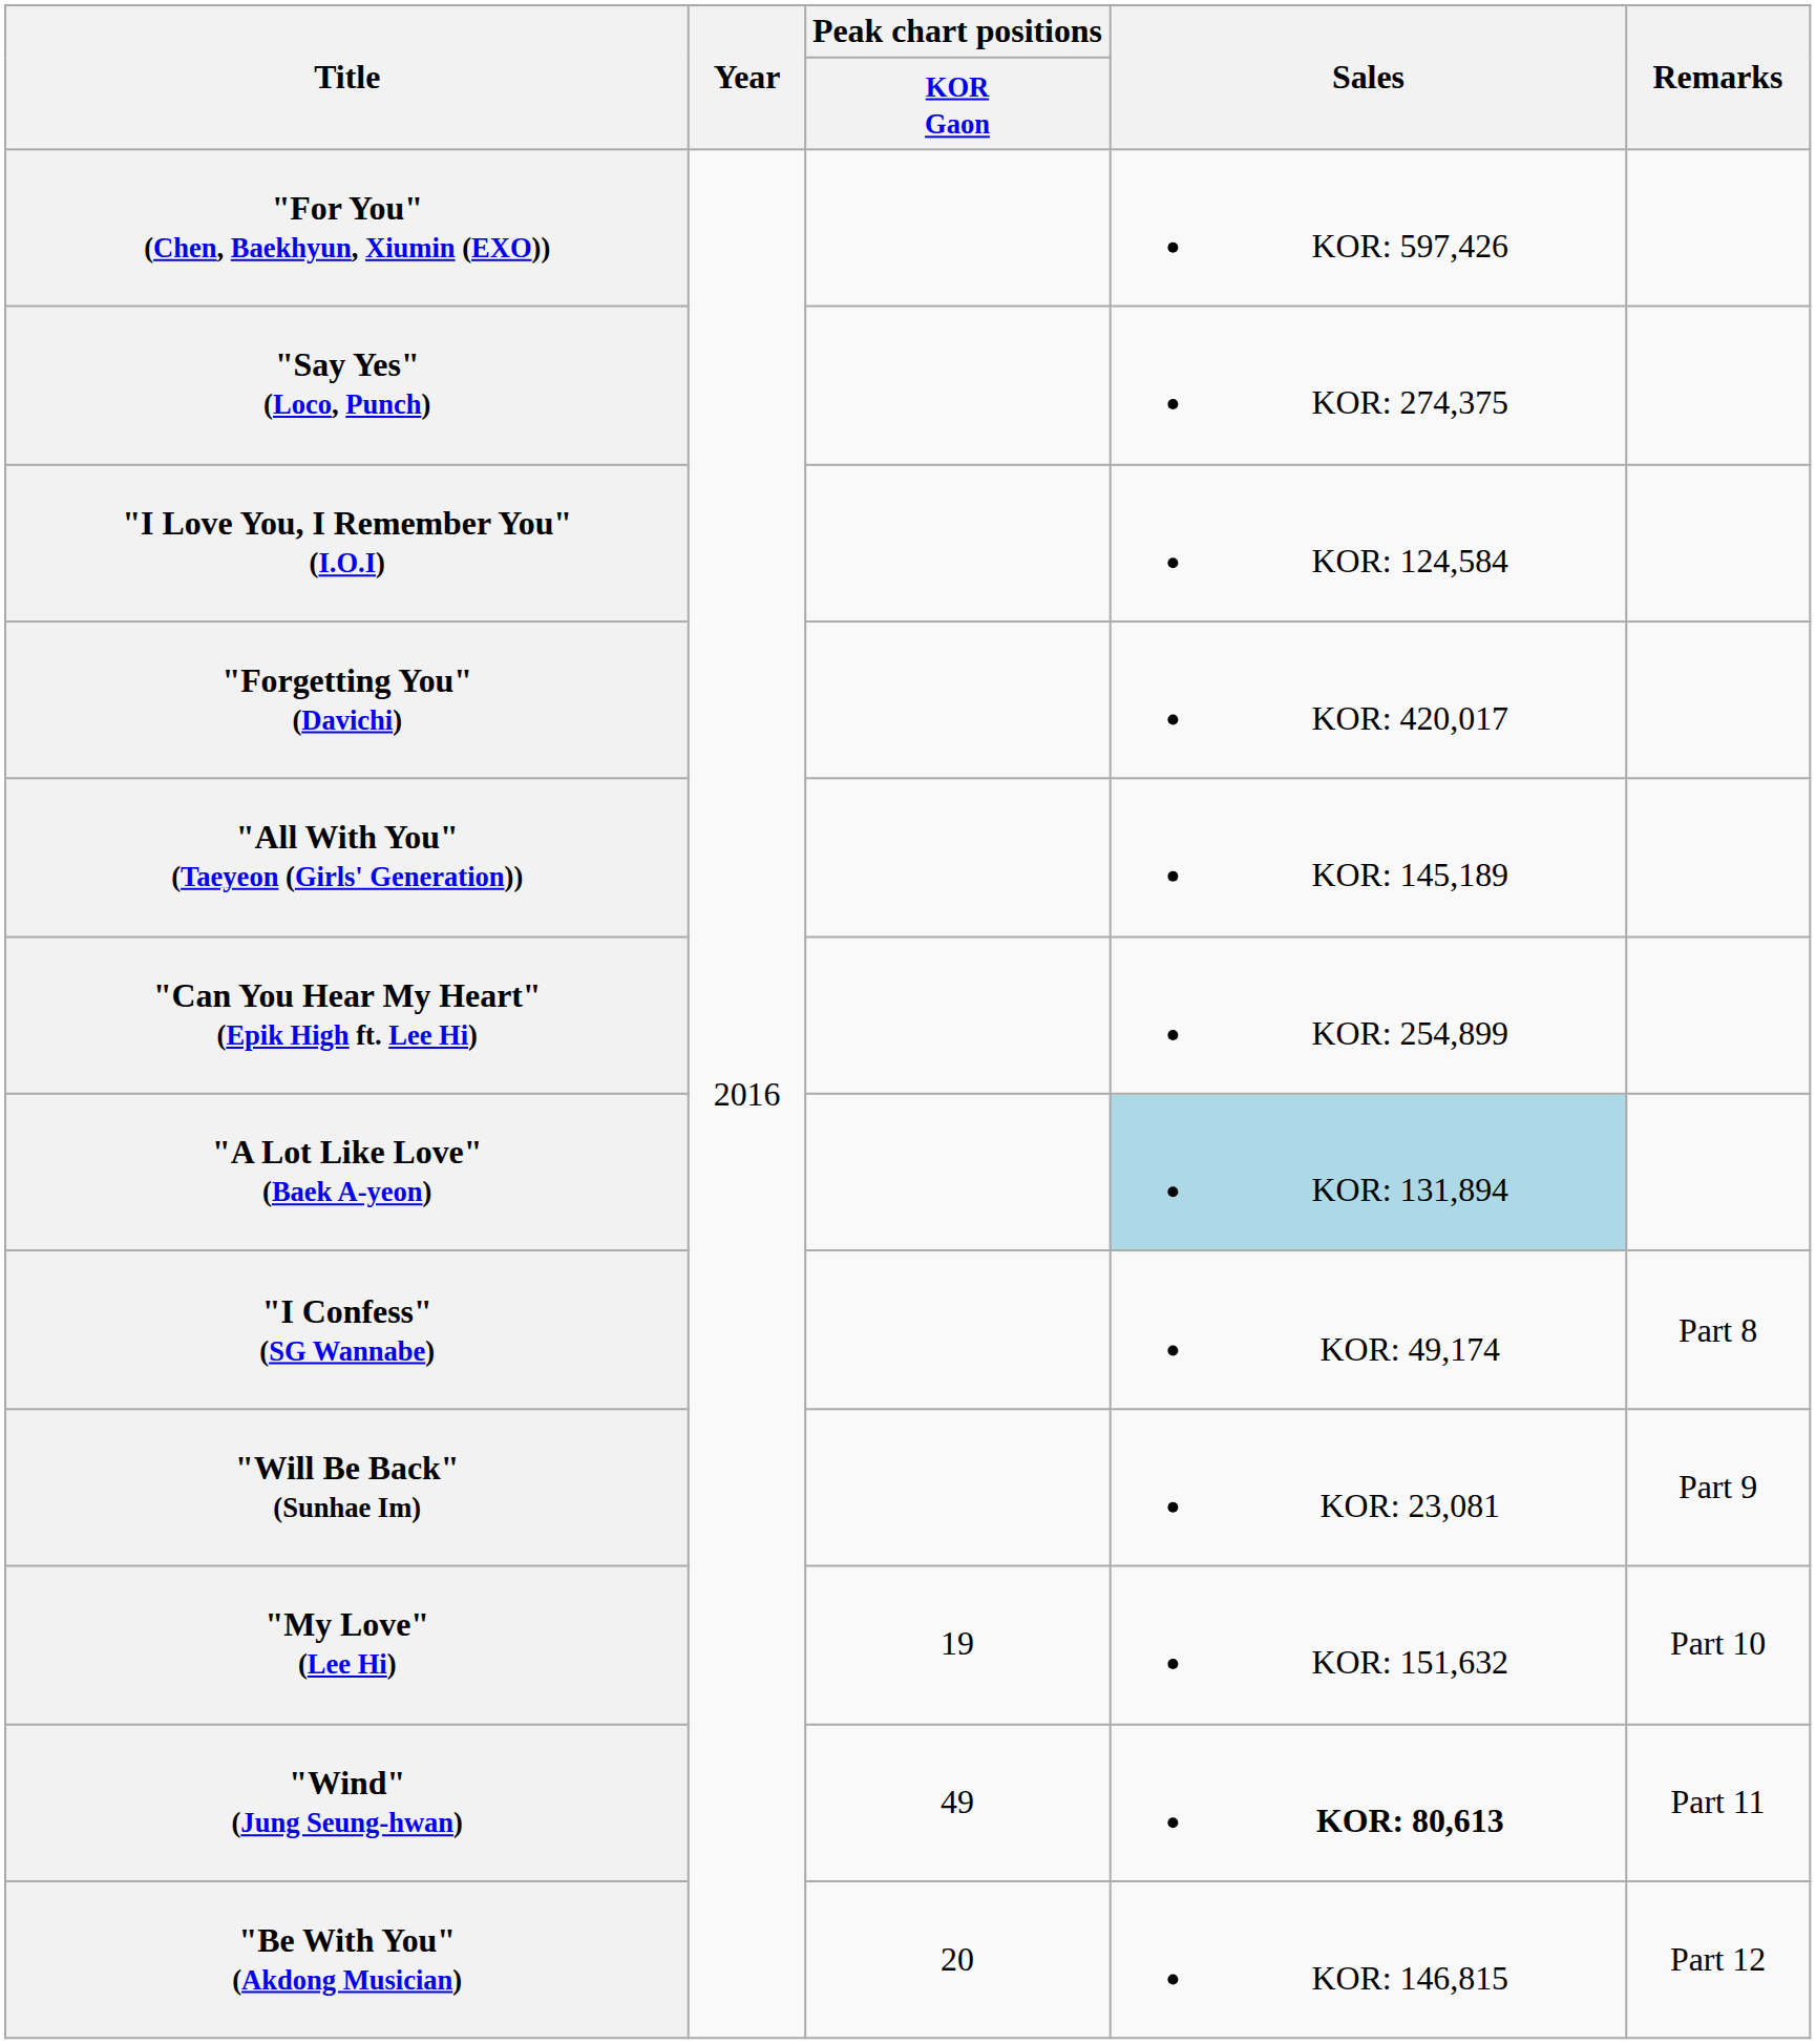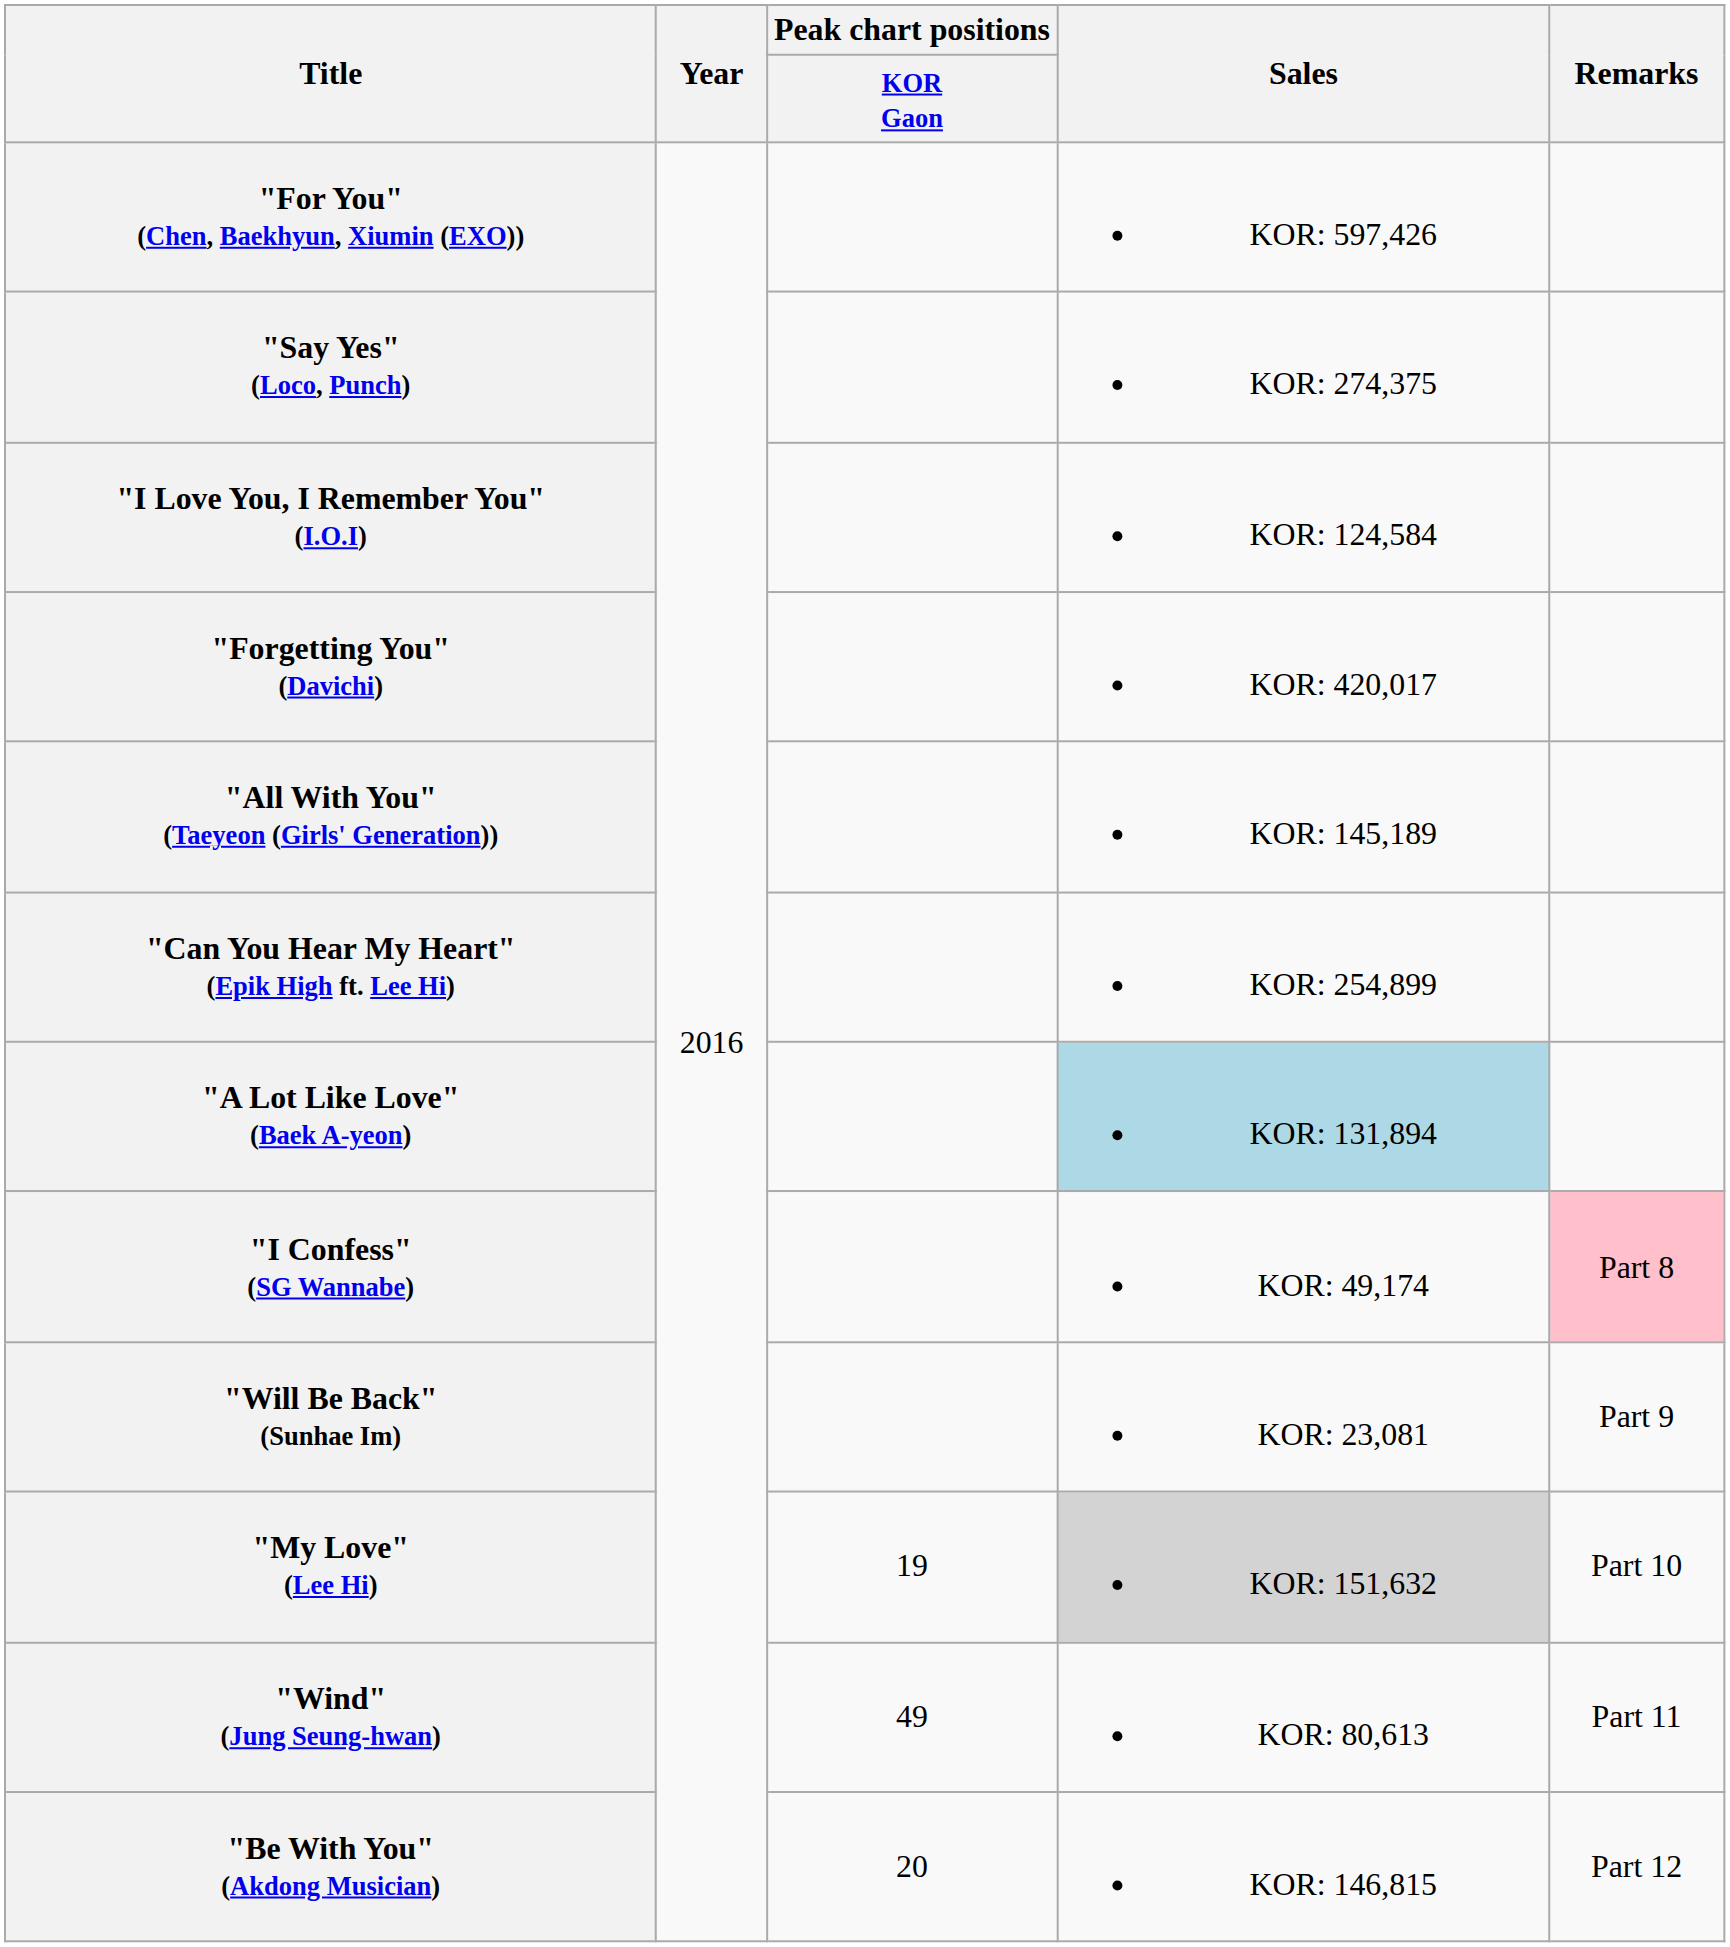 <table class="wikitable plainrowheaders" style="text-align:center;" border="1">
 <tr>
 <th scope="col" rowspan="2" style="width:20em;">Title</th>
 <th scope="col" rowspan="2" style="width:3em;">Year</th>
 <th scope="col" colspan="1">Peak chart positions</th>
 <th scope="col" rowspan="2" style="width:15em;">Sales</th>
 <th scope="col" rowspan="2" style="width:5em;">Remarks</th>
 </tr>
 <tr>
 <th><small><a href='#'>KOR</a></small><br><small><a href='#'>Gaon</a></small></th>
 </tr>
 <tr>
 <th scope="row">"For You"<br><small>(<a href='#'>Chen</a>, <a href='#'>Baekhyun</a>, <a href='#'>Xiumin</a> (<a href='#'>EXO</a>))</small></th>
 <td rowspan="12">2016</td>
 <td></td>
 <td><br><ul><li>KOR: 597,426</li></ul></td>
 <td></td>
 </tr>
 <tr>
 <th scope="row">"Say Yes"<br><small>(<a href='#'>Loco</a>, <a href='#'>Punch</a>)</small></th>
 <td></td>
 <td><br><ul><li>KOR: 274,375</li></ul></td>
 <td></td>
 </tr>
 <tr>
 <th scope="row">"I Love You, I Remember You"<br><small>(<a href='#'>I.O.I</a>)</small></th>
 <td></td>
 <td><br><ul><li>KOR: 124,584</li></ul></td>
 <td></td>
 </tr>
 <tr>
 <th scope="row">"Forgetting You"<br><small>(<a href='#'>Davichi</a>)</small></th>
 <td></td>
 <td><br><ul><li>KOR: 420,017</li></ul></td>
 <td></td>
 </tr>
 <tr>
 <th scope="row">"All With You"<br><small>(<a href='#'>Taeyeon</a> (<a href='#'>Girls' Generation</a>))</small></th>
 <td></td>
 <td><br><ul><li>KOR: 145,189</li></ul></td>
 <td></td>
 </tr>
 <tr>
 <th scope="row">"Can You Hear My Heart"<br><small>(<a href='#'>Epik High</a> ft. <a href='#'>Lee Hi</a>)</small></th>
 <td></td>
 <td><br><ul><li>KOR: 254,899</li></ul></td>
 <td></td>
 </tr>
 <tr>
 <th scope="row">"A Lot Like Love"<br><small>(<a href='#'>Baek A-yeon</a>)</small></th>
 <td></td>
 <td style="background: lightblue;"><br><ul><li>KOR: 131,894</li></ul></td>
 <td></td>
 </tr>
 <tr>
 <th scope="row">"I Confess"<br><small>(<a href='#'>SG Wannabe</a>)</small></th>
 <td></td>
 <td><br><ul><li>KOR: 49,174</li></ul></td>
-<td>Part 8</td>
+<td style="background: pink;">Part 8</td>
 </tr>
 <tr>
 <th scope="row">"Will Be Back"<br><small>(Sunhae Im)</small></th>
 <td></td>
 <td><br><ul><li>KOR: 23,081</li></ul></td>
 <td>Part 9</td>
 </tr>
 <tr>
 <th scope="row">"My Love"<br><small>(<a href='#'>Lee Hi</a>)</small></th>
 <td>19</td>
-<td><br><ul><li>KOR: 151,632</li></ul></td>
+<td style="background: lightgrey;"><br><ul><li>KOR: 151,632</li></ul></td>
 <td>Part 10</td>
 </tr>
 <tr>
 <th scope="row">"Wind"<br><small>(<a href='#'>Jung Seung-hwan</a>)</small></th>
 <td>49</td>
-<td><strong><br><ul><li>KOR: 80,613</li></ul></strong></td>
+<td><br><ul><li>KOR: 80,613</li></ul></td>
 <td>Part 11</td>
 </tr>
 <tr>
 <th scope="row">"Be With You"<br><small>(<a href='#'>Akdong Musician</a>)</small></th>
 <td>20</td>
 <td><br><ul><li>KOR: 146,815</li></ul></td>
 <td>Part 12</td>
 </tr>
 </table>
